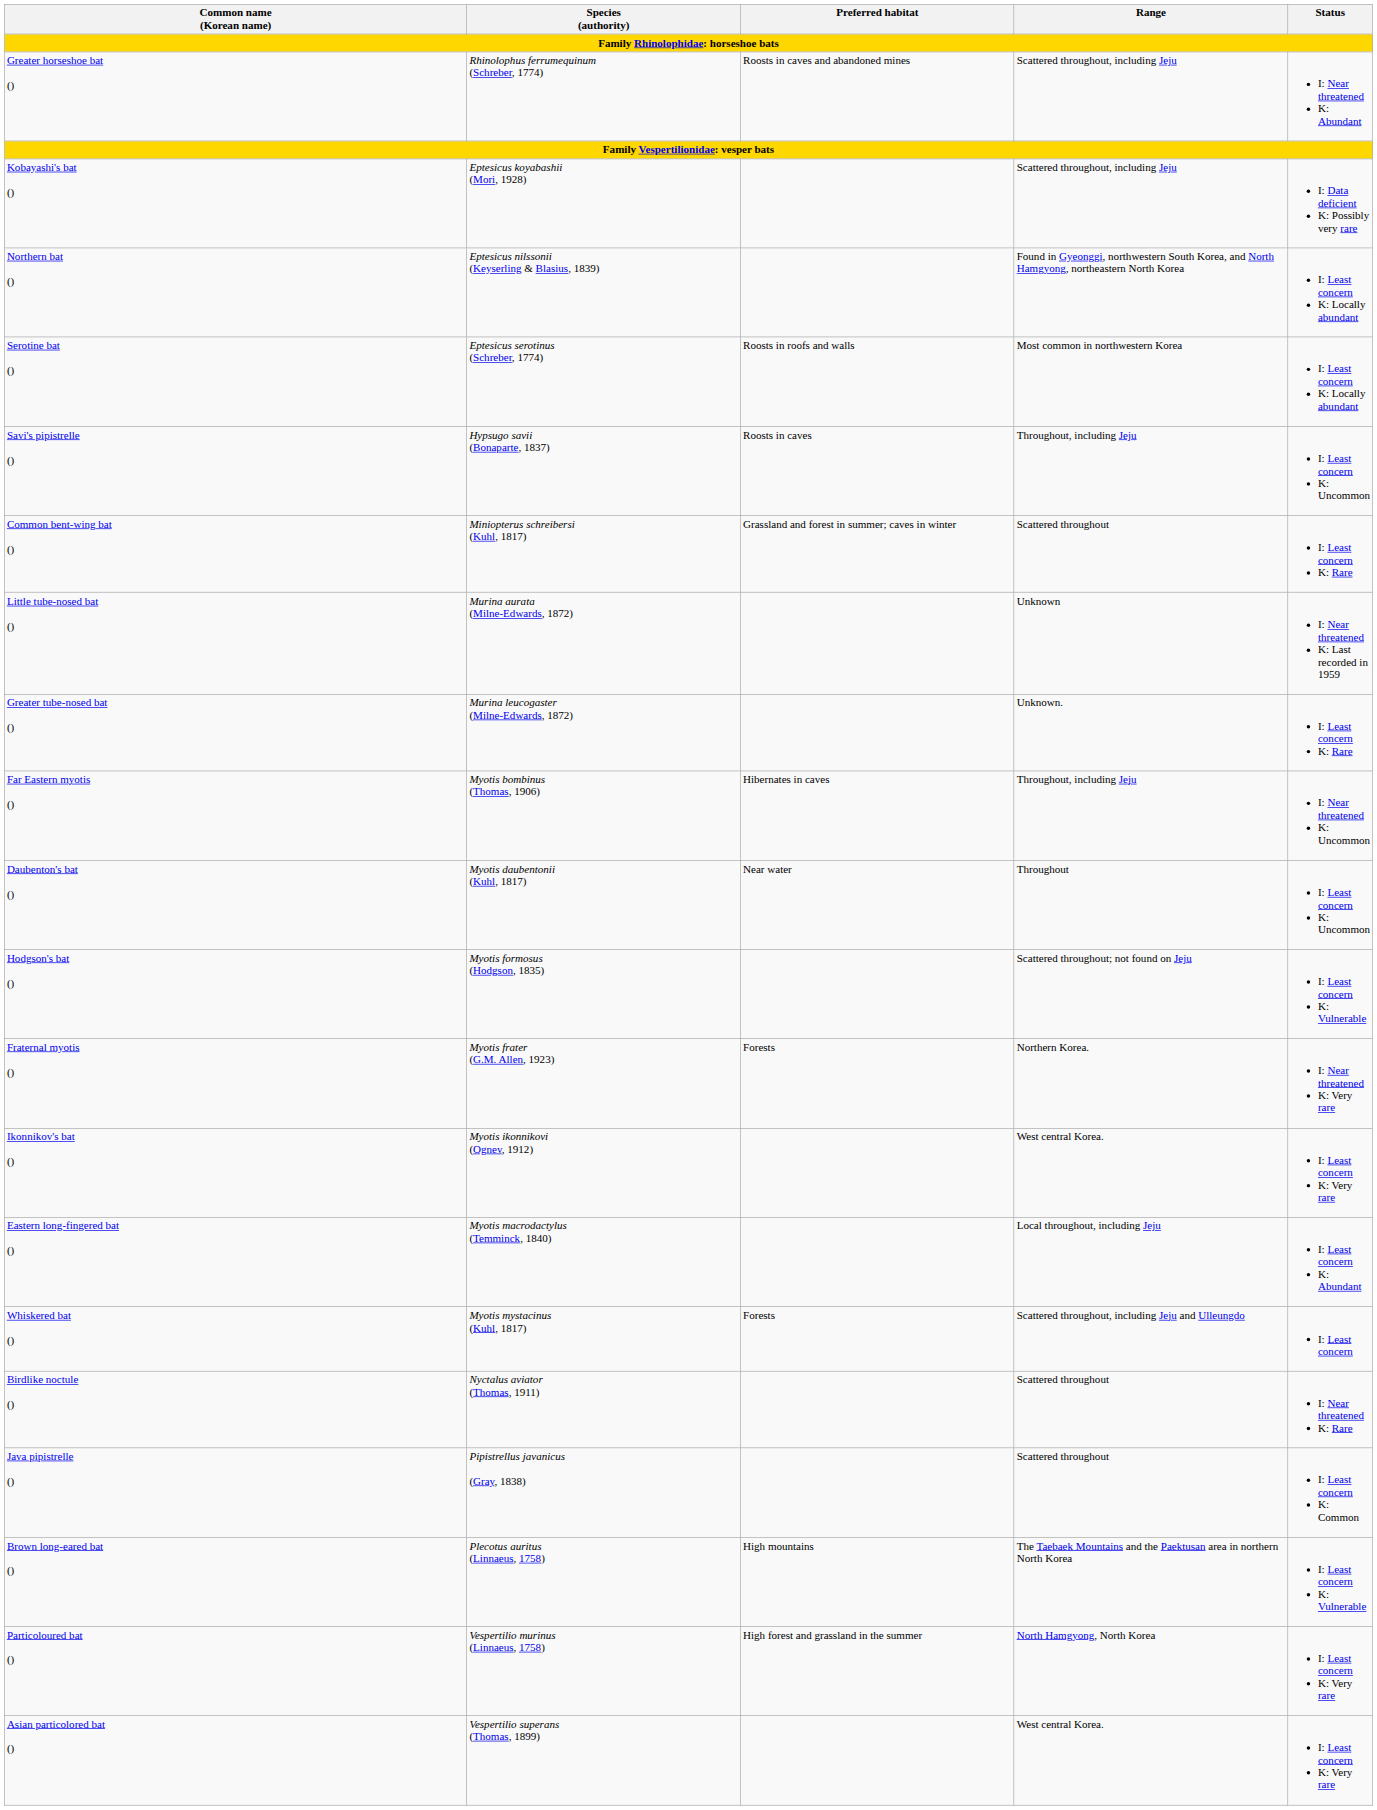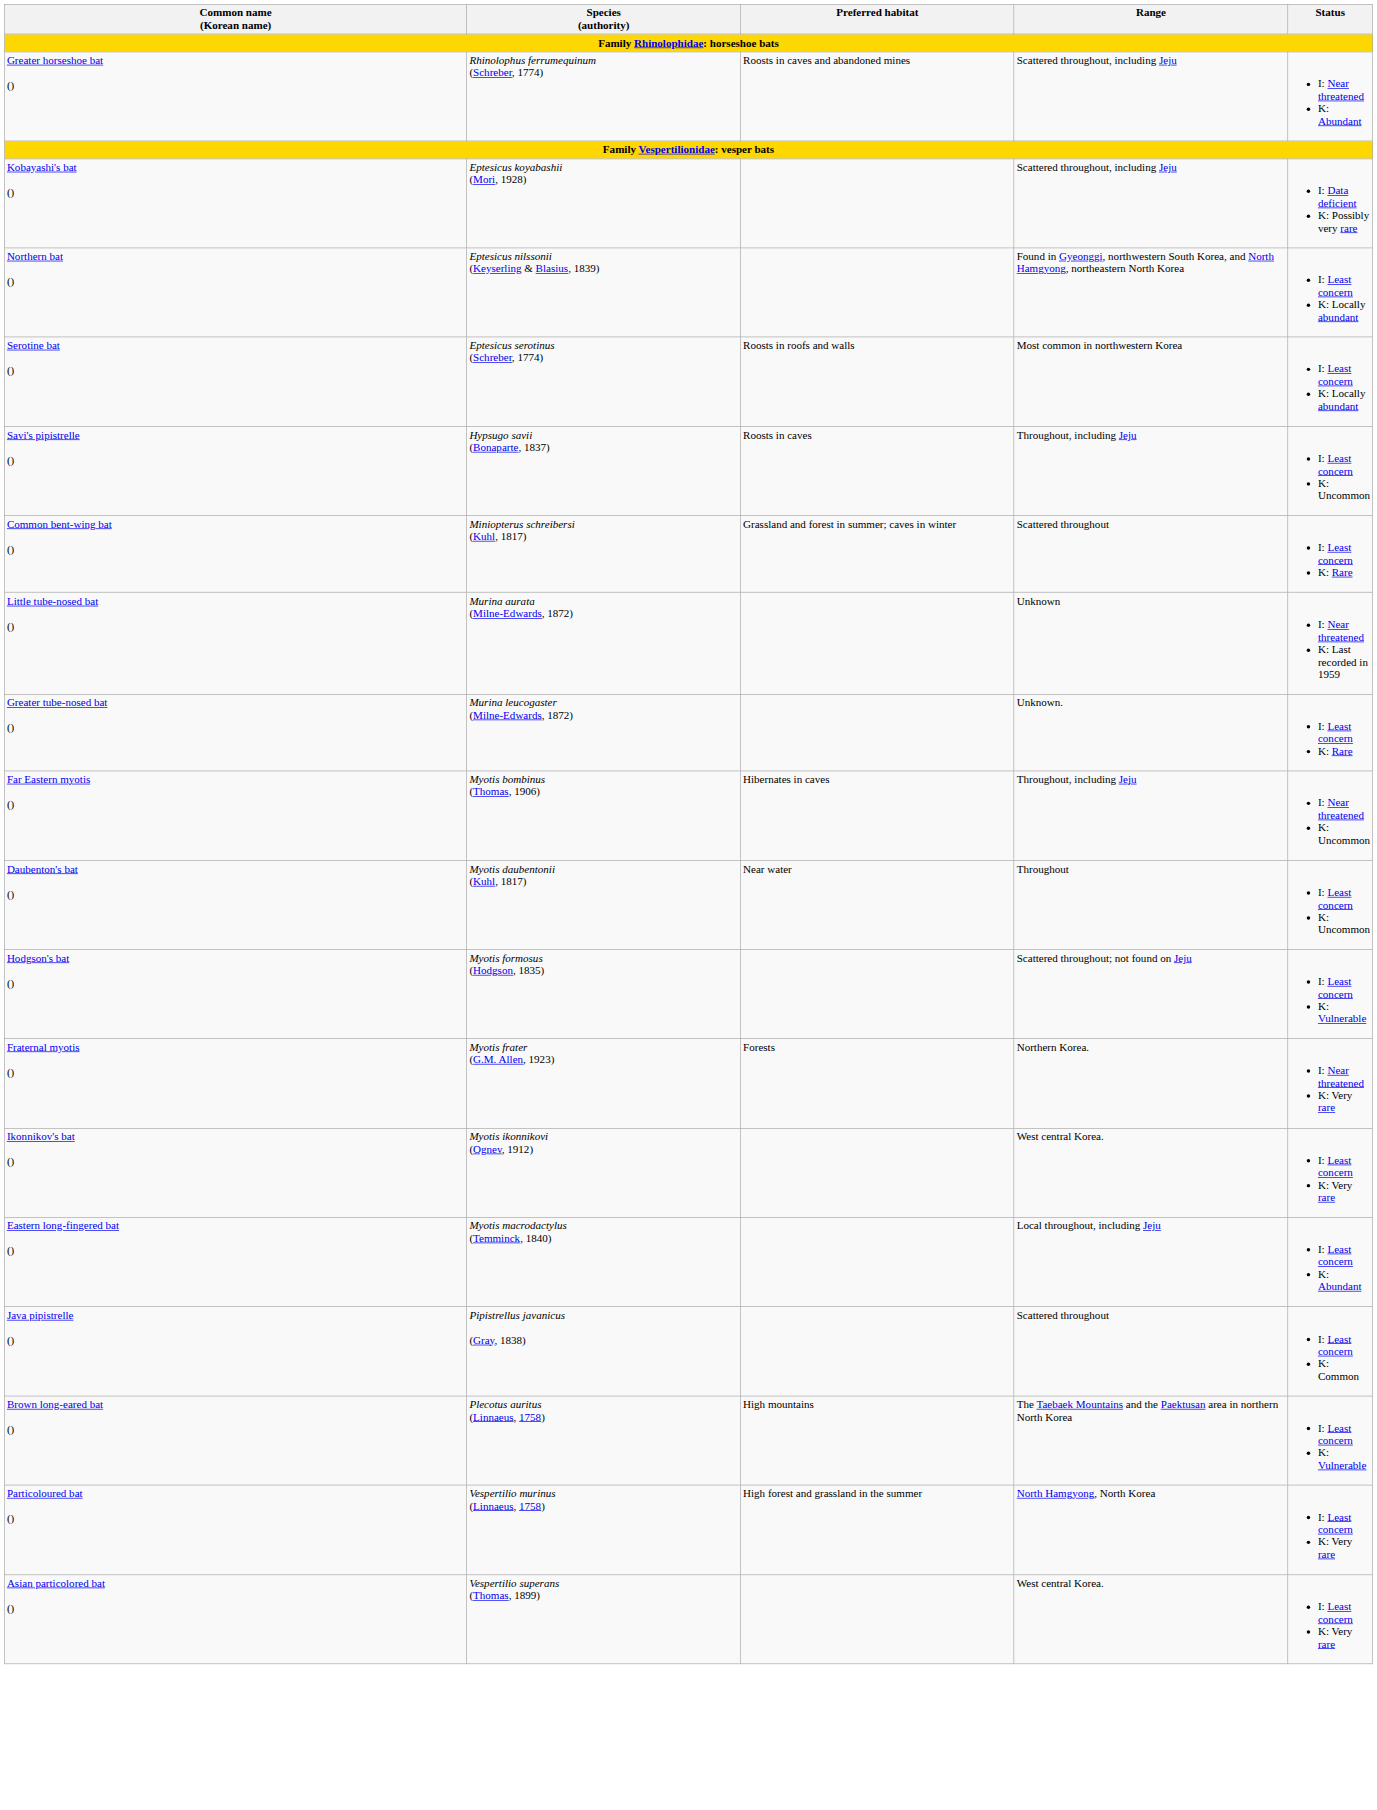 <table width=100% class="wikitable" style="text-align:left;">
 <tr valign="top">
 <th>Common name<br>(Korean name)</th>
 <th width="20%">Species<br>(authority)</th>
 <th width="20%">Preferred habitat</th>
 <th width="20%">Range</th>
 <th width="15em">Status</th>
 </tr>
 <tr>
 <td style="text-align:center;background:gold;" colspan=5><strong>Family <a href='#'>Rhinolophidae</a>: horseshoe bats</strong></td>
 </tr>
 <tr valign="top">
 <td><a href='#'>Greater horseshoe bat</a><br> <br>()</td>
 <td><em>Rhinolophus ferrumequinum</em><br>(<a href='#'>Schreber</a>, 1774)</td>
 <td>Roosts in caves and abandoned mines</td>
 <td>Scattered throughout, including <a href='#'>Jeju</a></td>
 <td><br><ul><li>I: <a href='#'>Near threatened</a></li><li>K: <a href='#'>Abundant</a></li></ul></td>
 </tr>
 <tr>
 <td style="text-align:center;background:gold;" colspan=5><strong>Family <a href='#'>Vespertilionidae</a>: vesper bats</strong></td>
 </tr>
 <tr valign="top">
 <td><a href='#'>Kobayashi's bat</a><br><br>()</td>
 <td><em>Eptesicus koyabashii</em><br>(<a href='#'>Mori</a>, 1928)</td>
 <td></td>
 <td>Scattered throughout, including <a href='#'>Jeju</a></td>
 <td><br><ul><li>I: <a href='#'>Data deficient</a></li><li>K: Possibly very <a href='#'>rare</a></li></ul></td>
 </tr>
 <tr valign="top">
 <td><a href='#'>Northern bat</a><br> <br>()</td>
 <td><em>Eptesicus nilssonii</em><br>(<a href='#'>Keyserling</a> & <a href='#'>Blasius</a>, 1839)</td>
 <td></td>
 <td>Found in <a href='#'>Gyeonggi</a>, northwestern South Korea, and <a href='#'>North Hamgyong</a>, northeastern North Korea</td>
 <td><br><ul><li>I: <a href='#'>Least concern</a></li><li>K: Locally <a href='#'>abundant</a></li></ul></td>
 </tr>
 <tr valign="top">
 <td><a href='#'>Serotine bat</a><br> <br>()</td>
 <td><em>Eptesicus serotinus</em><br>(<a href='#'>Schreber</a>, 1774)</td>
 <td>Roosts in roofs and walls</td>
 <td>Most common in northwestern Korea</td>
 <td><br><ul><li>I: <a href='#'>Least concern</a></li><li>K: Locally <a href='#'>abundant</a></li></ul></td>
 </tr>
 <tr valign="top">
 <td><a href='#'>Savi's pipistrelle</a><br> <br>()</td>
 <td><em>Hypsugo savii</em><br>(<a href='#'>Bonaparte</a>, 1837)</td>
 <td>Roosts in caves</td>
 <td>Throughout, including <a href='#'>Jeju</a></td>
 <td><br><ul><li>I: <a href='#'>Least concern</a></li><li>K: Uncommon</li></ul></td>
 </tr>
 <tr valign="top">
 <td><a href='#'>Common bent-wing bat</a><br> <br>()</td>
 <td><em>Miniopterus schreibersi</em><br>(<a href='#'>Kuhl</a>, 1817)</td>
 <td>Grassland and forest in summer; caves in winter</td>
 <td>Scattered throughout</td>
 <td><br><ul><li>I: <a href='#'>Least concern</a></li><li>K: <a href='#'>Rare</a></li></ul></td>
 </tr>
 <tr valign="top">
 <td><a href='#'>Little tube-nosed bat</a><br><br>()</td>
 <td><em>Murina aurata</em><br>(<a href='#'>Milne-Edwards</a>, 1872)</td>
 <td></td>
 <td>Unknown</td>
 <td><br><ul><li>I: <a href='#'>Near threatened</a></li><li>K: Last recorded in 1959</li></ul></td>
 </tr>
 <tr valign="top">
 <td><a href='#'>Greater tube-nosed bat</a><br> <br>()</td>
 <td><em>Murina leucogaster</em><br>(<a href='#'>Milne-Edwards</a>, 1872)</td>
 <td></td>
 <td>Unknown.</td>
 <td><br><ul><li>I: <a href='#'>Least concern</a></li><li>K: <a href='#'>Rare</a></li></ul></td>
 </tr>
 <tr valign="top">
 <td><a href='#'>Far Eastern myotis</a><br><br>()</td>
 <td><em>Myotis bombinus</em><br>(<a href='#'>Thomas</a>, 1906)</td>
 <td>Hibernates in caves</td>
 <td>Throughout, including <a href='#'>Jeju</a></td>
 <td><br><ul><li>I: <a href='#'>Near threatened</a></li><li>K: Uncommon</li></ul></td>
 </tr>
 <tr valign="top">
 <td><a href='#'>Daubenton's bat</a><br> <br>()</td>
 <td><em>Myotis daubentonii</em><br>(<a href='#'>Kuhl</a>, 1817)</td>
 <td>Near water</td>
 <td>Throughout</td>
 <td><br><ul><li>I: <a href='#'>Least concern</a></li><li>K: Uncommon</li></ul></td>
 </tr>
 <tr valign="top">
 <td><a href='#'>Hodgson's bat</a><br> <br>()</td>
 <td><em>Myotis formosus</em><br>(<a href='#'>Hodgson</a>, 1835)</td>
 <td></td>
 <td>Scattered throughout; not found on <a href='#'>Jeju</a></td>
 <td><br><ul><li>I: <a href='#'>Least concern</a></li><li>K: <a href='#'>Vulnerable</a></li></ul></td>
 </tr>
 <tr valign="top">
 <td><a href='#'>Fraternal myotis</a><br><br>()</td>
 <td><em>Myotis frater</em><br>(<a href='#'>G.M. Allen</a>, 1923)</td>
 <td>Forests</td>
 <td>Northern Korea.</td>
 <td><br><ul><li>I: <a href='#'>Near threatened</a></li><li>K: Very <a href='#'>rare</a></li></ul></td>
 </tr>
 <tr valign="top">
 <td><a href='#'>Ikonnikov's bat</a><br><br>()</td>
 <td><em>Myotis ikonnikovi</em><br>(<a href='#'>Ognev</a>, 1912)</td>
 <td></td>
 <td>West central Korea.</td>
 <td><br><ul><li>I: <a href='#'>Least concern</a></li><li>K: Very <a href='#'>rare</a></li></ul></td>
 </tr>
 <tr valign="top">
 <td><a href='#'>Eastern long-fingered bat</a><br><br>()</td>
 <td><em>Myotis macrodactylus</em><br>(<a href='#'>Temminck</a>, 1840)</td>
 <td></td>
 <td>Local throughout, including <a href='#'>Jeju</a></td>
 <td><br><ul><li>I: <a href='#'>Least concern</a></li><li>K: <a href='#'>Abundant</a></li></ul></td>
 </tr>
 <tr valign="top">
-<td><a href='#'>Whiskered bat</a><br> <br>()</td>
-<td><em>Myotis mystacinus</em><br>(<a href='#'>Kuhl</a>, 1817)</td>
-<td>Forests</td>
-<td>Scattered throughout, including <a href='#'>Jeju</a> and <a href='#'>Ulleungdo</a></td>
-<td><br><ul><li>I: <a href='#'>Least concern</a></li></ul></td>
-</tr>
-<tr valign="top">
-<td><a href='#'>Birdlike noctule</a><br><br>()</td>
-<td><em>Nyctalus aviator</em><br>(<a href='#'>Thomas</a>, 1911)</td>
-<td></td>
-<td>Scattered throughout</td>
-<td><br><ul><li>I: <a href='#'>Near threatened</a></li><li>K: <a href='#'>Rare</a></li></ul></td>
-</tr>
-<tr valign="top">
 <td><a href='#'>Java pipistrelle</a><br><br>()</td>
 <td><em>Pipistrellus javanicus</em><br><br>(<a href='#'>Gray</a>, 1838)</td>
 <td></td>
 <td>Scattered throughout</td>
 <td><br><ul><li>I: <a href='#'>Least concern</a></li><li>K: Common</li></ul></td>
 </tr>
 <tr valign="top">
 <td><a href='#'>Brown long-eared bat</a><br> <br>()</td>
 <td><em>Plecotus auritus</em><br>(<a href='#'>Linnaeus</a>, <a href='#'>1758</a>)</td>
 <td>High mountains</td>
 <td>The <a href='#'>Taebaek Mountains</a> and the <a href='#'>Paektusan</a> area in northern North Korea</td>
 <td><br><ul><li>I: <a href='#'>Least concern</a></li><li>K: <a href='#'>Vulnerable</a></li></ul></td>
 </tr>
 <tr valign="top">
 <td><a href='#'>Particoloured bat</a><br> <br>()</td>
 <td><em>Vespertilio murinus</em><br>(<a href='#'>Linnaeus</a>, <a href='#'>1758</a>)</td>
 <td>High forest and grassland in the summer</td>
 <td><a href='#'>North Hamgyong</a>, North Korea</td>
 <td><br><ul><li>I: <a href='#'>Least concern</a></li><li>K: Very <a href='#'>rare</a></li></ul></td>
 </tr>
 <tr valign="top">
 <td><a href='#'>Asian particolored bat</a><br><br>()</td>
 <td><em>Vespertilio superans</em><br>(<a href='#'>Thomas</a>, 1899)</td>
 <td></td>
 <td>West central Korea.</td>
 <td><br><ul><li>I: <a href='#'>Least concern</a></li><li>K: Very <a href='#'>rare</a></li></ul></td>
 </tr>
 </table>
